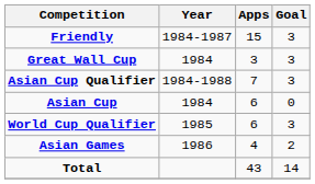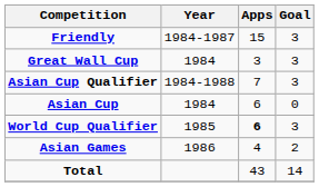 <table class="wikitable" style="font-size:90%; text-align: center;">
 <tr>
 <th>Competition</th>
 <th>Year</th>
 <th>Apps</th>
 <th>Goal</th>
 </tr>
 <tr>
 <td rowspan=1><strong><a href='#'>Friendly</a></strong></td>
 <td>1984-1987</td>
 <td>15</td>
 <td>3</td>
 </tr>
 <tr>
 <td rowspan=1><strong><a href='#'>Great Wall Cup</a></strong></td>
 <td>1984</td>
 <td>3</td>
 <td>3</td>
 </tr>
 <tr>
 <td rowspan=1><strong><a href='#'>Asian Cup</a> Qualifier</strong></td>
 <td>1984-1988</td>
 <td>7</td>
 <td>3</td>
 </tr>
 <tr>
 <td rowspan=1><strong><a href='#'>Asian Cup</a></strong></td>
 <td>1984</td>
 <td>6</td>
 <td>0</td>
 </tr>
 <tr>
 <td rowspan=1><strong><a href='#'>World Cup Qualifier</a></strong></td>
 <td>1985</td>
-<td>6</td>
+<td><strong>6</strong></td>
 <td>3</td>
 </tr>
 <tr>
 <td rowspan=1><strong><a href='#'>Asian Games</a></strong></td>
 <td>1986</td>
 <td>4</td>
 <td>2</td>
 </tr>
 <tr>
 <td rowspan=1><strong>Total</strong></td>
 <td></td>
 <td>43</td>
 <td>14</td>
 </tr>
 <tr>
 </tr>
 </table>
